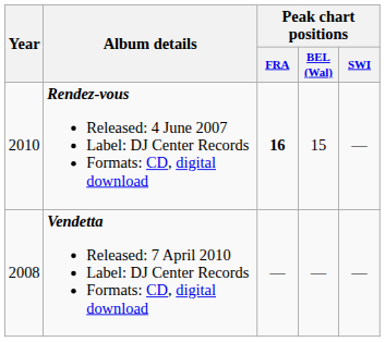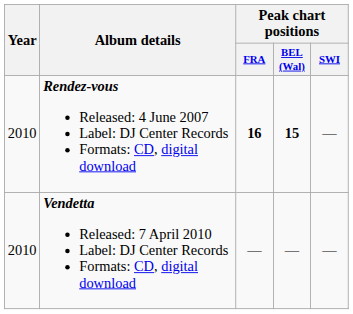 <table class="wikitable" style=text-align:center;>
 <tr>
 <th rowspan="2" width="3">Year</th>
 <th width="210" rowspan="2">Album details</th>
 <th colspan="10">Peak chart positions</th>
 </tr>
 <tr>
 <th style="width:3em;font-size:75%"><a href='#'>FRA</a><br></th>
 <th style="width:3em;font-size:75%"><a href='#'>BEL (Wal)</a><br></th>
 <th style="width:3em;font-size:75%"><a href='#'>SWI</a><br></th>
 </tr>
 <tr>
 <td>2010</td>
 <td align="left"><strong><em>Rendez-vous</em></strong><br><ul><li>Released: 4 June 2007</li><li>Label: DJ Center Records</li><li>Formats: <a href='#'>CD</a>, <a href='#'>digital download</a></li></ul></td>
 <td><strong>16</strong></td>
-<td>15</td>
+<td><strong>15</strong></td>
 <td>—</td>
 </tr>
 <tr>
-<td>2008</td>
+<td>2010</td>
 <td align="left"><strong><em>Vendetta</em></strong><br><ul><li>Released: 7 April 2010</li><li>Label: DJ Center Records</li><li>Formats: <a href='#'>CD</a>, <a href='#'>digital download</a></li></ul></td>
 <td>—</td>
 <td>—</td>
 <td>—</td>
 </tr>
 </table>
